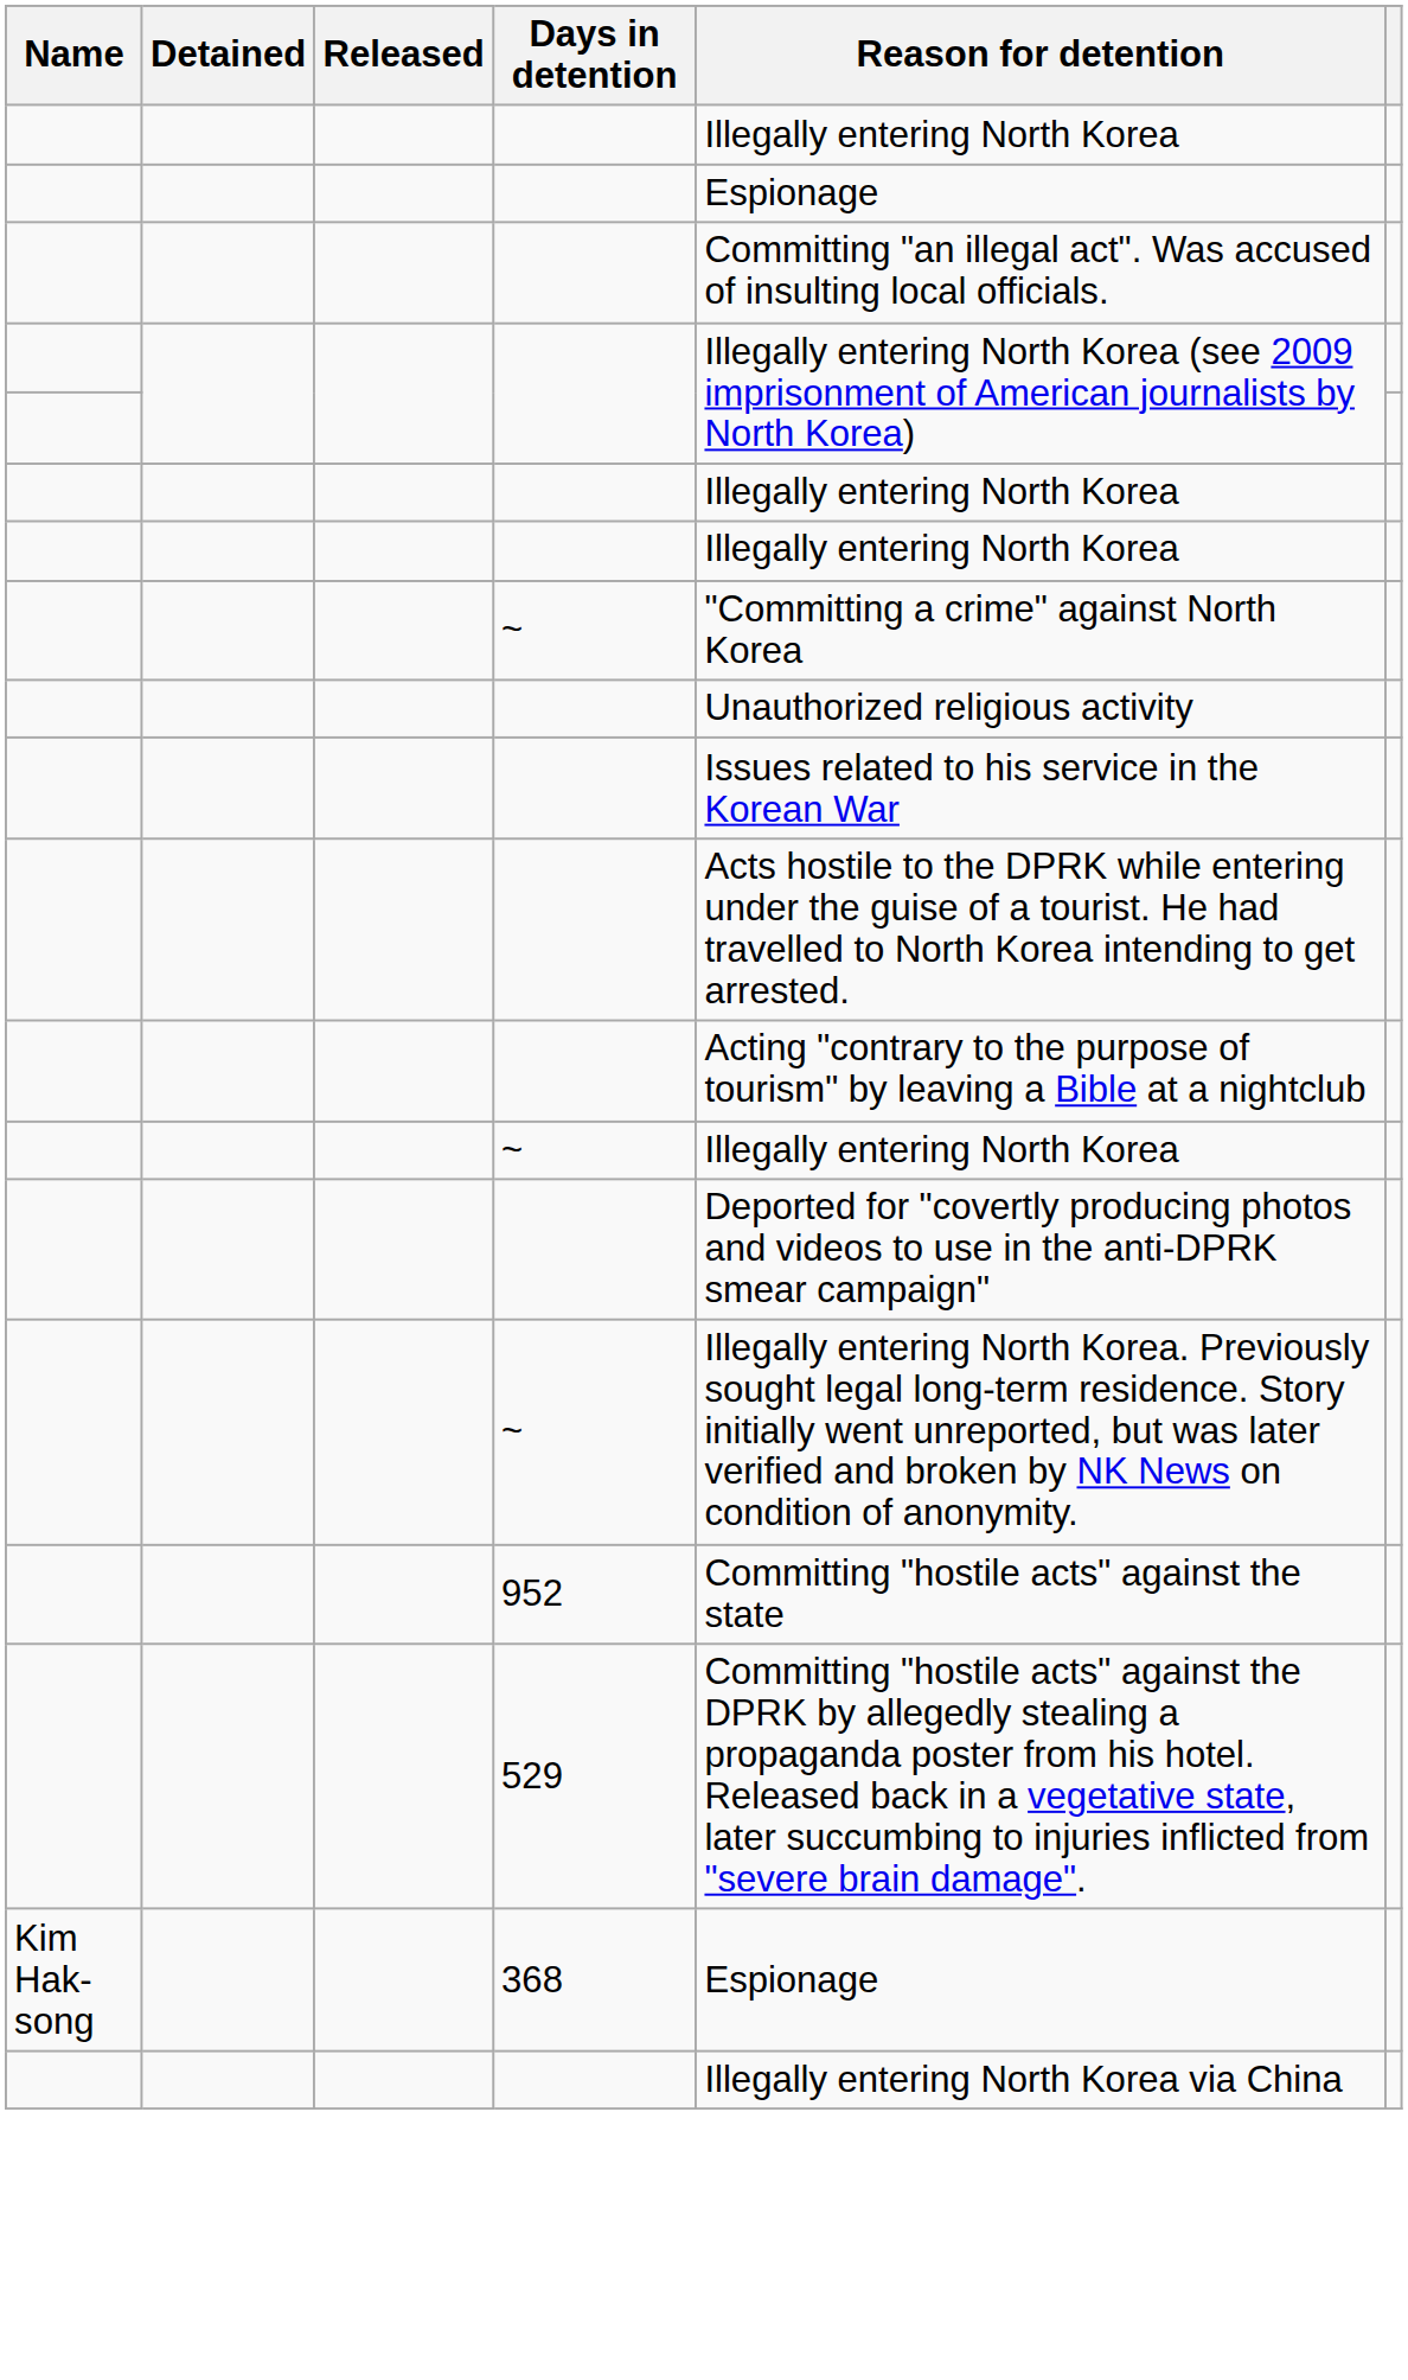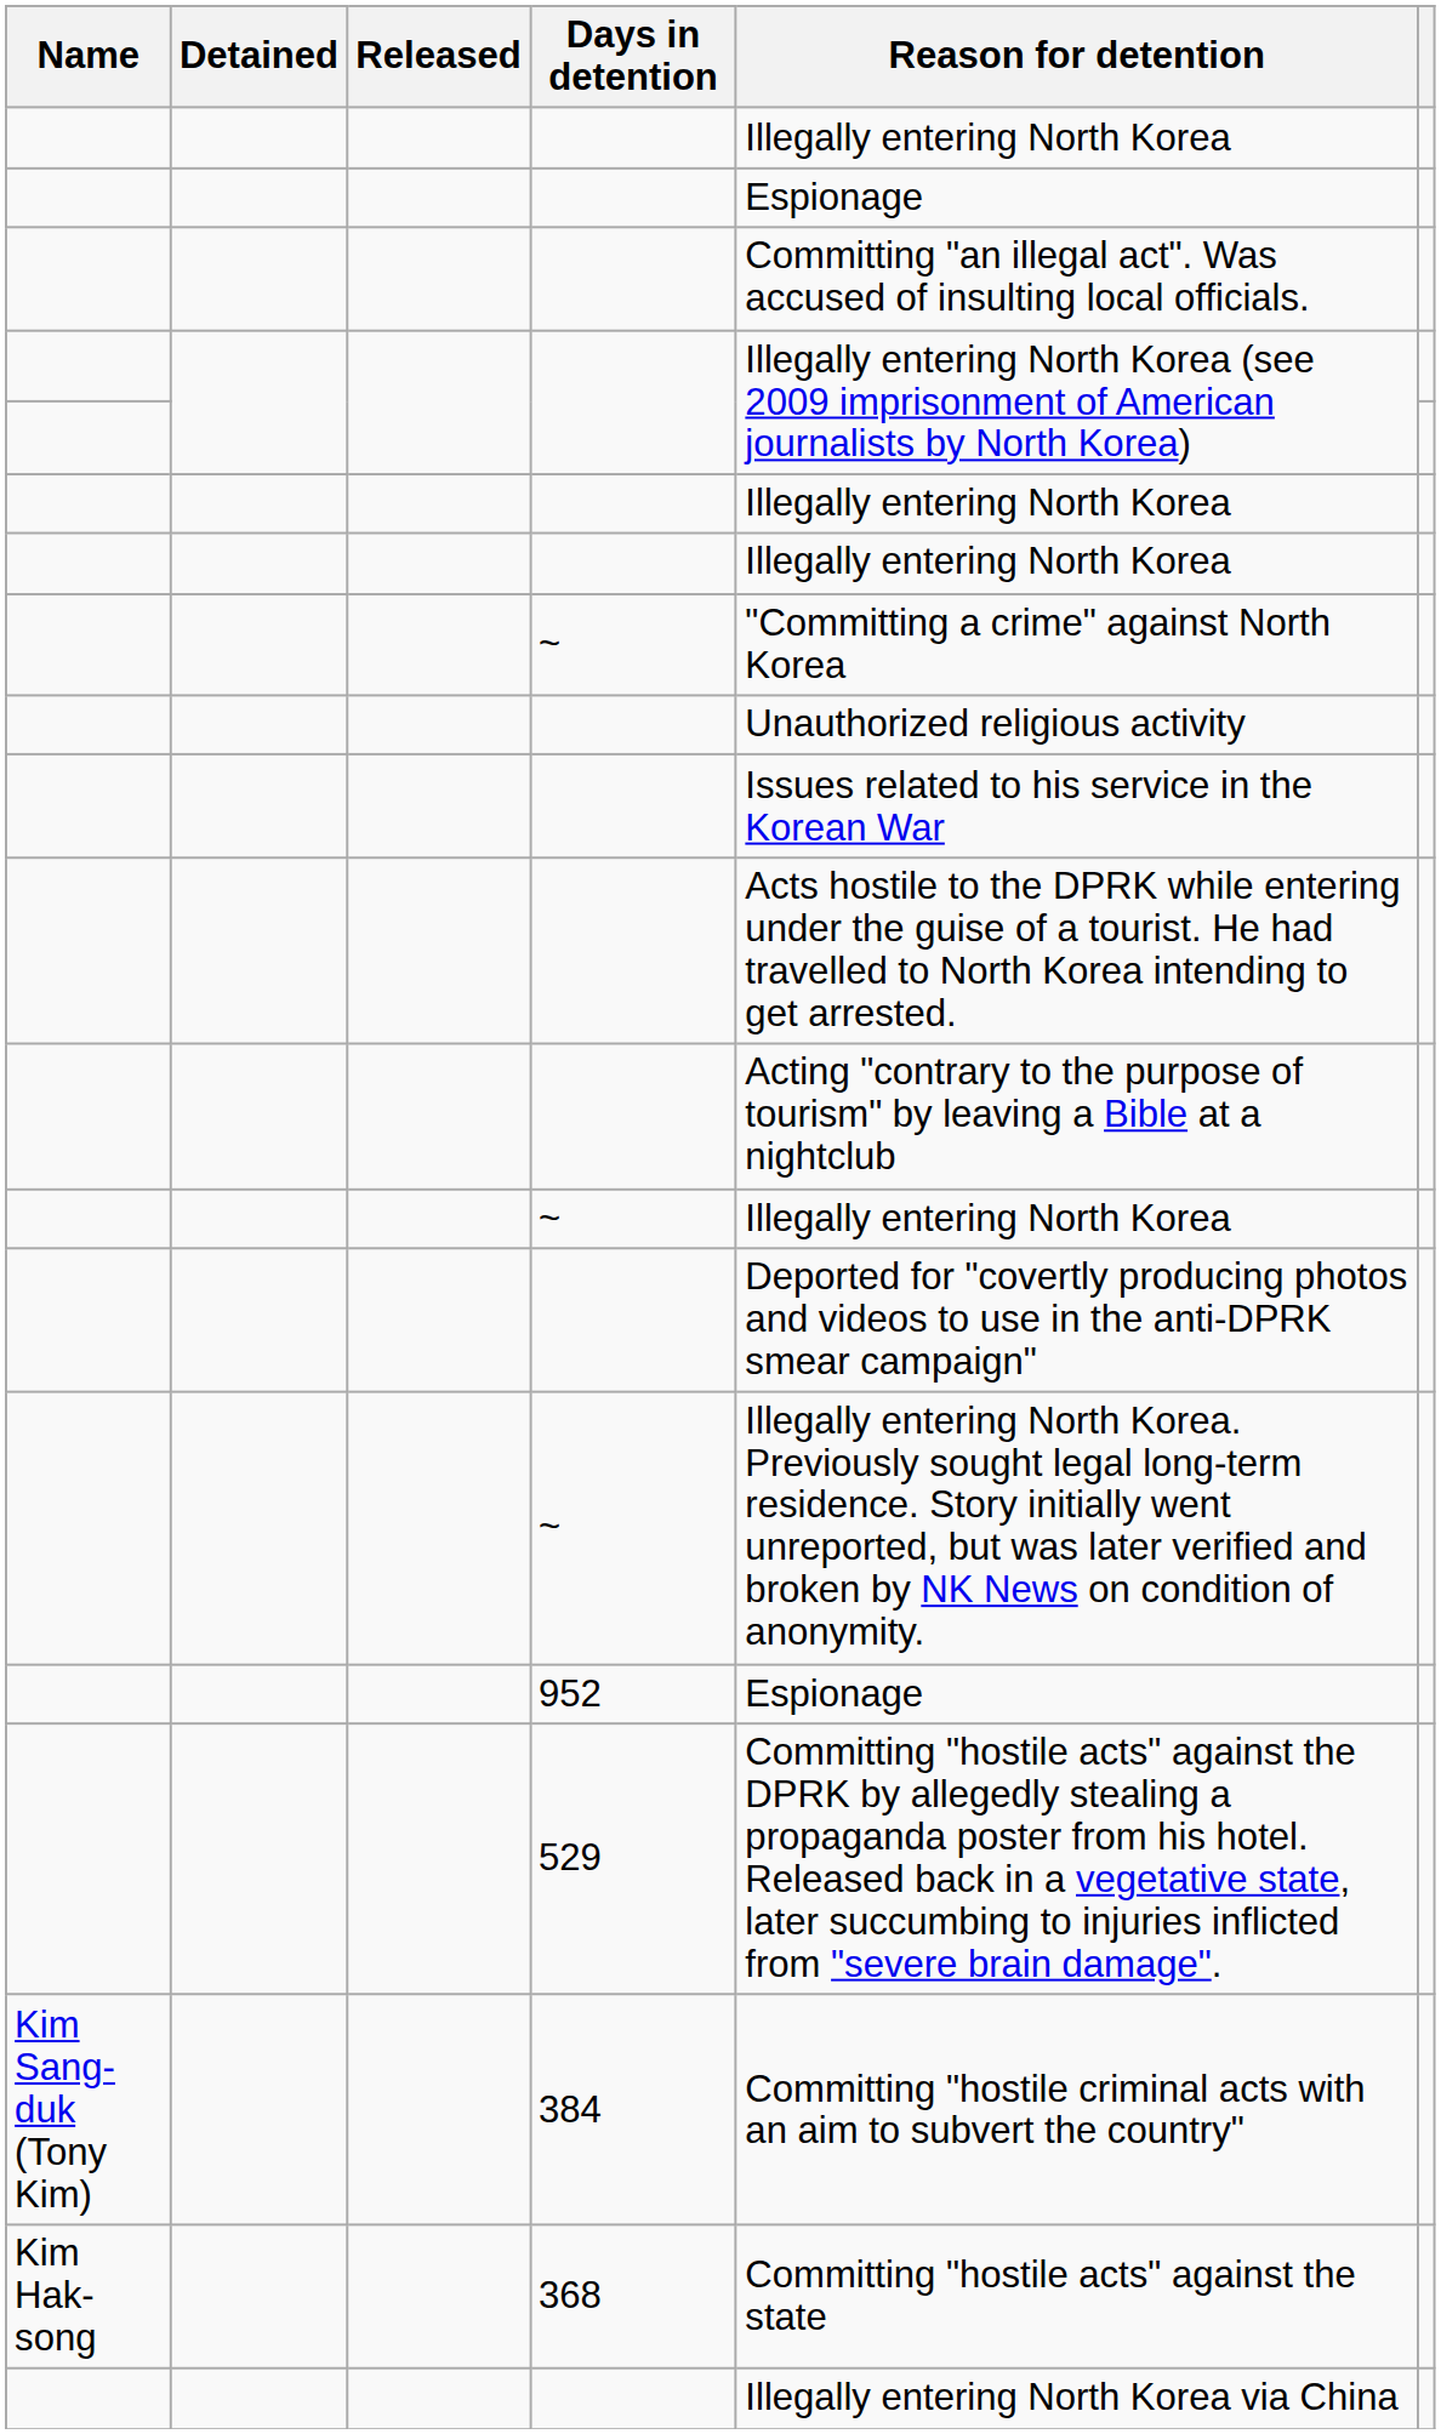 <table class="wikitable sortable">
 <tr>
 <th>Name</th>
 <th>Detained</th>
 <th>Released</th>
 <th>Days in detention</th>
 <th>Reason for detention</th>
 <th class="unsortable"></th>
 </tr>
 <tr>
 <td></td>
 <td></td>
 <td></td>
 <td></td>
 <td>Illegally entering North Korea</td>
 <td align="center"></td>
 </tr>
 <tr>
 <td></td>
 <td></td>
 <td></td>
 <td></td>
 <td>Espionage</td>
 <td align="center"></td>
 </tr>
 <tr>
 <td></td>
 <td></td>
 <td></td>
 <td></td>
 <td>Committing "an illegal act". Was accused of insulting local officials.</td>
 <td align="center"></td>
 </tr>
 <tr>
 <td></td>
 <td rowspan="2"></td>
 <td rowspan="2"></td>
 <td rowspan="2"></td>
 <td rowspan="2">Illegally entering North Korea (see <a href='#'>2009 imprisonment of American journalists by North Korea</a>)</td>
 <td align="center"></td>
 </tr>
 <tr>
 <td></td>
 <td align="center"></td>
 </tr>
 <tr>
 <td></td>
 <td></td>
 <td></td>
 <td></td>
 <td>Illegally entering North Korea</td>
 <td align="center"></td>
 </tr>
 <tr>
 <td></td>
 <td></td>
 <td></td>
 <td></td>
 <td>Illegally entering North Korea</td>
 <td align="center"></td>
 </tr>
 <tr>
 <td></td>
 <td></td>
 <td></td>
 <td>~</td>
 <td>"Committing a crime" against North Korea</td>
 <td align="center"></td>
 </tr>
 <tr>
 <td></td>
 <td></td>
 <td></td>
 <td></td>
 <td>Unauthorized religious activity</td>
 <td align="center"></td>
 </tr>
 <tr>
 <td></td>
 <td></td>
 <td></td>
 <td></td>
 <td>Issues related to his service in the <a href='#'>Korean War</a></td>
 <td align="center"></td>
 </tr>
 <tr>
 <td></td>
 <td></td>
 <td></td>
 <td></td>
 <td>Acts hostile to the DPRK while entering under the guise of a tourist. He had travelled to North Korea intending to get arrested.</td>
 <td align="center"></td>
 </tr>
 <tr>
 <td></td>
 <td></td>
 <td></td>
 <td></td>
 <td>Acting "contrary to the purpose of tourism" by leaving a <a href='#'>Bible</a> at a nightclub</td>
 <td align="center"></td>
 </tr>
 <tr>
 <td></td>
 <td></td>
 <td></td>
 <td>~</td>
 <td>Illegally entering North Korea</td>
 <td align="center"></td>
 </tr>
 <tr>
 <td></td>
 <td></td>
 <td></td>
 <td></td>
 <td>Deported for "covertly producing photos and videos to use in the anti-DPRK smear campaign"</td>
 <td align="center"></td>
 </tr>
 <tr>
 <td></td>
 <td></td>
 <td></td>
 <td>~</td>
 <td>Illegally entering North Korea. Previously sought legal long-term residence. Story initially went unreported, but was later verified and broken by <a href='#'>NK News</a> on condition of anonymity.</td>
 <td align="center"></td>
 </tr>
 <tr>
 <td></td>
 <td></td>
 <td></td>
 <td>952</td>
-<td>Committing "hostile acts" against the state</td>
+<td>Espionage</td>
 <td align="center"><br></td>
 </tr>
 <tr>
 <td></td>
 <td></td>
 <td></td>
 <td>529</td>
 <td>Committing "hostile acts" against the DPRK by allegedly stealing a propaganda poster from his hotel. Released back in a <a href='#'>vegetative state</a>, later succumbing to injuries inflicted from <a href='#'>"severe brain damage"</a>.</td>
 <td align="center"></td>
 </tr>
 <tr>
+<td><a href='#'>Kim Sang-duk</a> (Tony Kim)</td>
+<td></td>
+<td></td>
+<td>384</td>
+<td>Committing "hostile criminal acts with an aim to subvert the country"</td>
+<td align="center"></td>
+</tr>
+<tr>
 <td>Kim Hak-song</td>
 <td></td>
 <td></td>
 <td>368</td>
-<td>Espionage</td>
+<td>Committing "hostile acts" against the state</td>
 <td align="center"></td>
 </tr>
 <tr>
 <td></td>
 <td></td>
 <td></td>
 <td></td>
 <td>Illegally entering North Korea via China</td>
 <td align="center"></td>
 </tr>
 </table>
